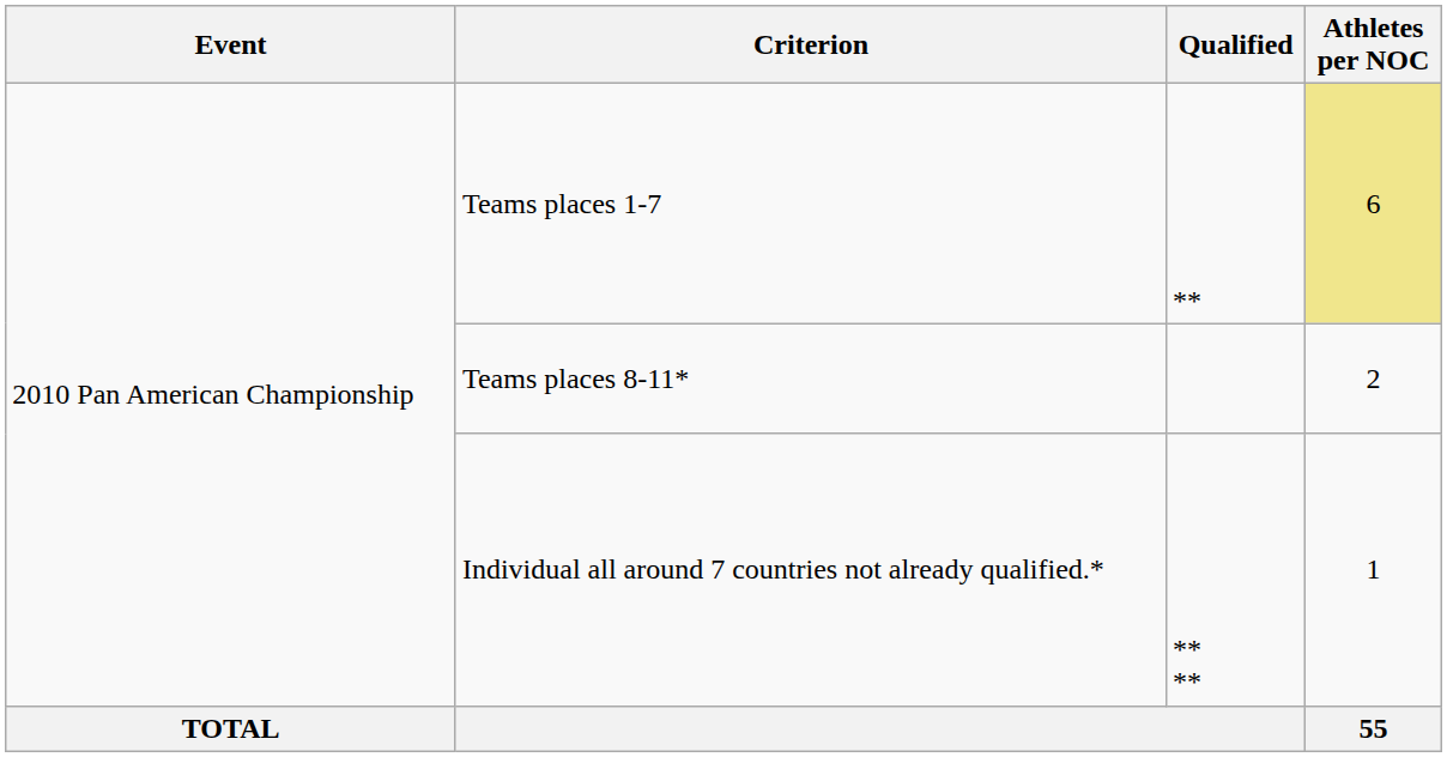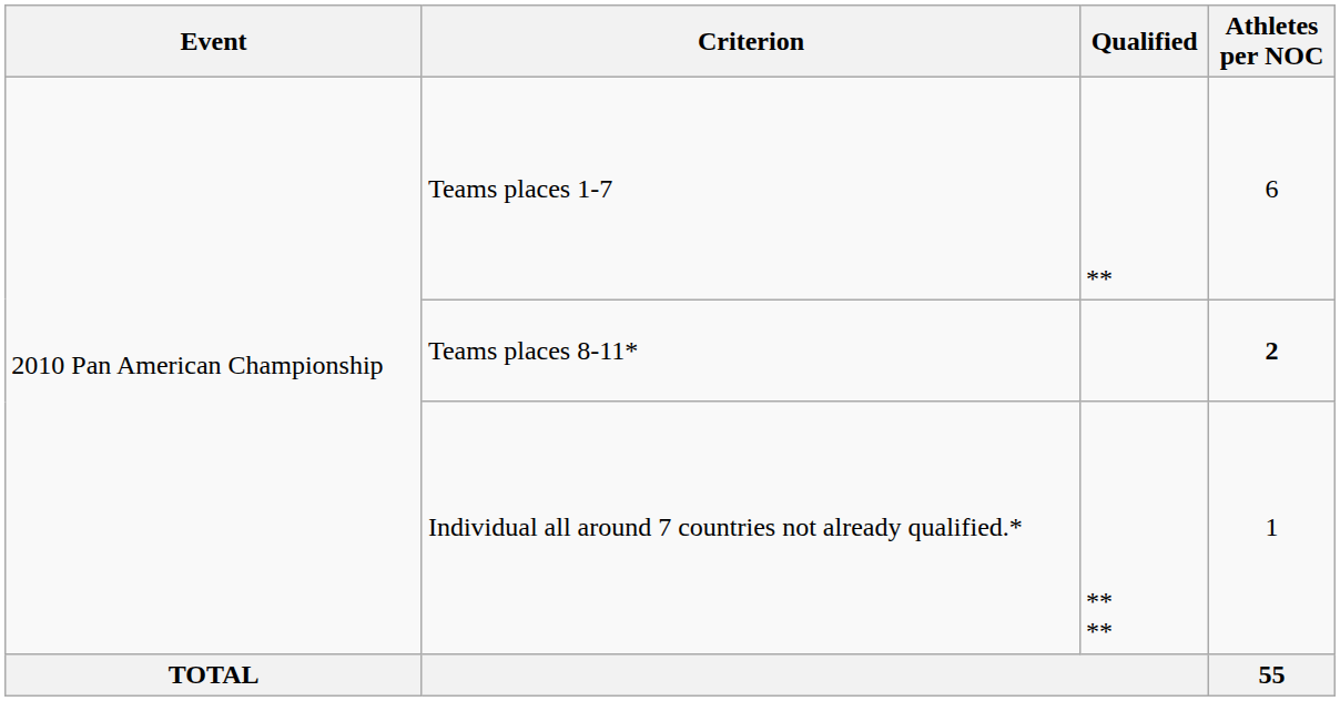 <table class="wikitable" width=800>
 <tr>
 <th>Event</th>
 <th>Criterion</th>
 <th>Qualified</th>
 <th>Athletes<br> per NOC</th>
 </tr>
 <tr>
 <td rowspan="3">2010 Pan American Championship</td>
 <td>Teams places 1-7</td>
 <td> <br>  <br>  <br>  <br>  <br>  <br> **</td>
-<td align="center" style="background: khaki;">6</td>
+<td align="center">6</td>
 </tr>
 <tr>
 <td>Teams places 8-11*</td>
 <td> <br>  <br>  <br> </td>
-<td align="center">2</td>
+<td align="center"><strong>2</strong></td>
 </tr>
 <tr>
 <td>Individual all around 7 countries not already qualified.*</td>
 <td> <br>  <br>  <br>  <br>  <br>  <br> <s></s>** <br> **</td>
 <td align="center">1</td>
 </tr>
 <tr>
 <th>TOTAL</th>
 <th colspan="2"></th>
 <th>55</th>
 </tr>
 </table>
